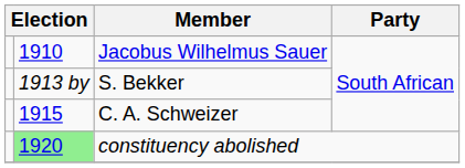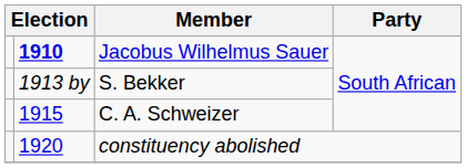 <table class="wikitable">
 <tr>
 <th colspan="2">Election</th>
 <th>Member</th>
 <th>Party</th>
 </tr>
 <tr>
 <td style="background-color: "></td>
-<td><a href='#'>1910</a></td>
+<td><strong><a href='#'>1910</a></strong></td>
 <td><a href='#'>Jacobus Wilhelmus Sauer</a></td>
 <td rowspan="3"><a href='#'>South African</a></td>
 </tr>
 <tr>
 <td style="background-color: "></td>
 <td><em>1913 by</em></td>
 <td>S. Bekker</td>
 </tr>
 <tr>
 <td style="background-color: "></td>
 <td><a href='#'>1915</a></td>
 <td>C. A. Schweizer</td>
 </tr>
 <tr>
 <td style="background-color: "></td>
-<td style="background: lightgreen;"><a href='#'>1920</a></td>
+<td><a href='#'>1920</a></td>
 <td colspan="2"><em>constituency abolished</em></td>
 </tr>
 <tr>
 </tr>
 </table>
